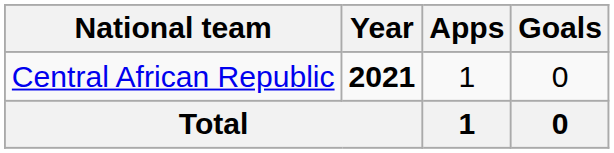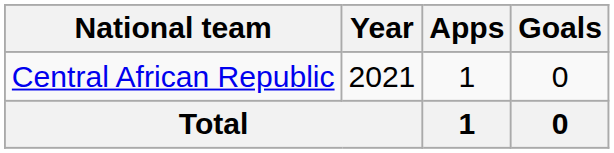 <table class="wikitable" style="text-align:center">
 <tr>
 <th>National team</th>
 <th>Year</th>
 <th>Apps</th>
 <th>Goals</th>
 </tr>
 <tr>
 <td rowspan=1><a href='#'>Central African Republic</a></td>
-<td><strong>2021</strong></td>
+<td>2021</td>
 <td>1</td>
 <td>0</td>
 </tr>
 <tr>
 <th colspan=2>Total</th>
 <th>1</th>
 <th>0</th>
 </tr>
 </table>
